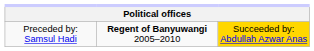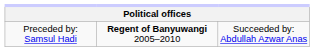 <table class="wikitable succession-box" style="margin: 0.5em auto 12px; font-size: 95%; clear: both;">
 <tr>
 <th colspan="3" id="97" style="border-top: 5px solid #ccccff;">Political offices</th>
 </tr>
 <tr id="100" style="text-align:center;">
 <td align="center" id="101" rowspan="1" width="30%">Preceded by:<br><a href='#'>Samsul Hadi</a></td>
 <td id="104" rowspan="1" style="text-align: center;" width="40%"><strong>Regent of Banyuwangi<br></strong>2005–2010</td>
-<td align="center" id="107" rowspan="1" width="30%" style="background: gold;">Succeeded by:<br><a href='#'>Abdullah Azwar Anas</a></td>
+<td align="center" id="107" rowspan="1" width="30%">Succeeded by:<br><a href='#'>Abdullah Azwar Anas</a></td>
 </tr>
 </table>
